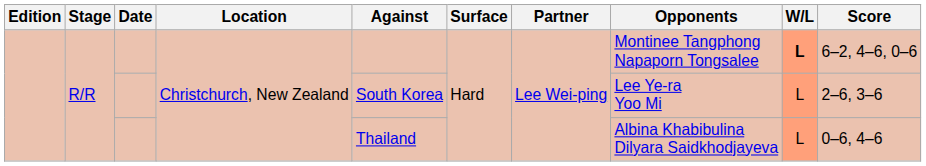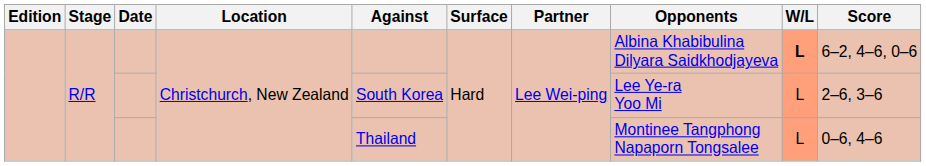 <table class=wikitable style=font-size:97%>
 <tr>
 <th>Edition</th>
 <th>Stage</th>
 <th>Date</th>
 <th>Location</th>
 <th>Against</th>
 <th>Surface</th>
 <th>Partner</th>
 <th>Opponents</th>
 <th>W/L</th>
 <th>Score</th>
 </tr>
 <tr bgcolor="#EBC2AF">
 <td rowspan="3"></td>
 <td rowspan="3"><a href='#'>R/R</a></td>
 <td></td>
 <td rowspan="3"><a href='#'>Christchurch</a>, New Zealand</td>
 <td> </td>
 <td rowspan="3">Hard</td>
 <td rowspan="3"> <a href='#'>Lee Wei-ping</a></td>
-<td> <a href='#'>Montinee Tangphong</a> <br>  <a href='#'>Napaporn Tongsalee</a></td>
+<td> <a href='#'>Albina Khabibulina</a> <br>  <a href='#'>Dilyara Saidkhodjayeva</a></td>
 <td style="text-align:center; background:#ffa07a;"><strong>L</strong></td>
 <td>6–2, 4–6, 0–6</td>
 </tr>
 <tr bgcolor="#EBC2AF">
 <td></td>
 <td> <a href='#'>South Korea</a></td>
 <td> <a href='#'>Lee Ye-ra</a> <br>  <a href='#'>Yoo Mi</a></td>
 <td style="text-align:center; background:#ffa07a;">L</td>
 <td>2–6, 3–6</td>
 </tr>
 <tr bgcolor="#EBC2AF">
 <td></td>
 <td> <a href='#'>Thailand</a></td>
-<td> <a href='#'>Albina Khabibulina</a> <br>  <a href='#'>Dilyara Saidkhodjayeva</a></td>
+<td> <a href='#'>Montinee Tangphong</a> <br>  <a href='#'>Napaporn Tongsalee</a></td>
 <td style="text-align:center; background:#ffa07a;">L</td>
 <td>0–6, 4–6</td>
 </tr>
 </table>
